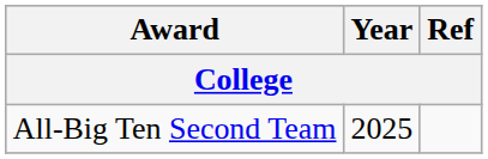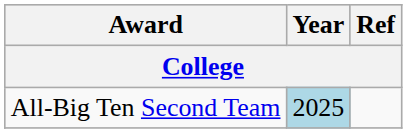 <table class="wikitable">
 <tr>
 <th>Award</th>
 <th>Year</th>
 <th>Ref</th>
 </tr>
 <tr>
 <th colspan="3"><a href='#'>College</a></th>
 </tr>
 <tr>
 <td>All-Big Ten <a href='#'>Second Team</a></td>
-<td>2025</td>
+<td style="background: lightblue;">2025</td>
 <td></td>
 </tr>
 </table>
